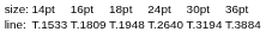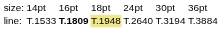 <table style="margin-left:40px;">
 <tr>
 <td>size:</td>
 <td>14pt</td>
 <td>16pt</td>
 <td>18pt</td>
 <td>24pt</td>
 <td>30pt</td>
 <td>36pt</td>
 </tr>
 <tr>
 <td>line:</td>
 <td>T.1533</td>
-<td>T.1809</td>
-<td>T.1948</td>
+<td><strong>T.1809</strong></td>
+<td style="background: khaki;">T.1948</td>
 <td>T.2640</td>
 <td>T.3194</td>
 <td>T.3884</td>
 </tr>
 </table>
